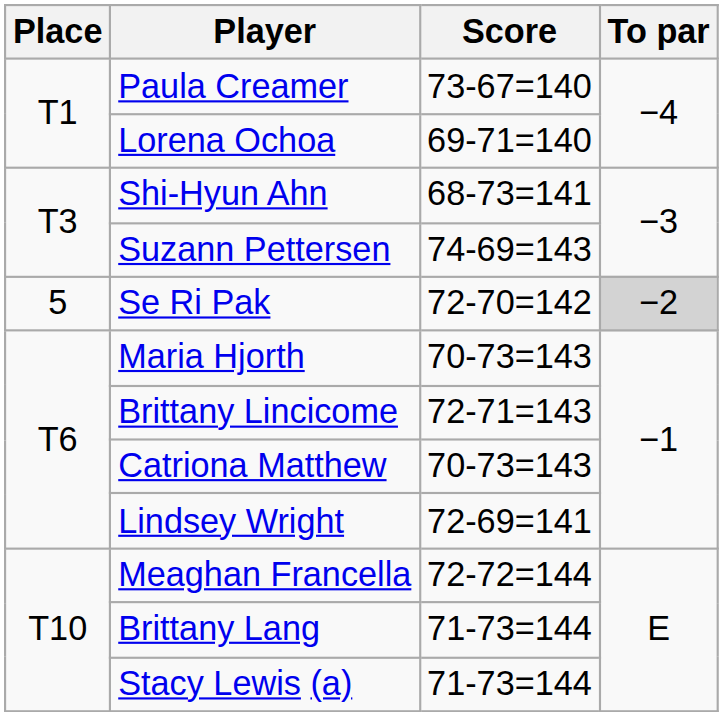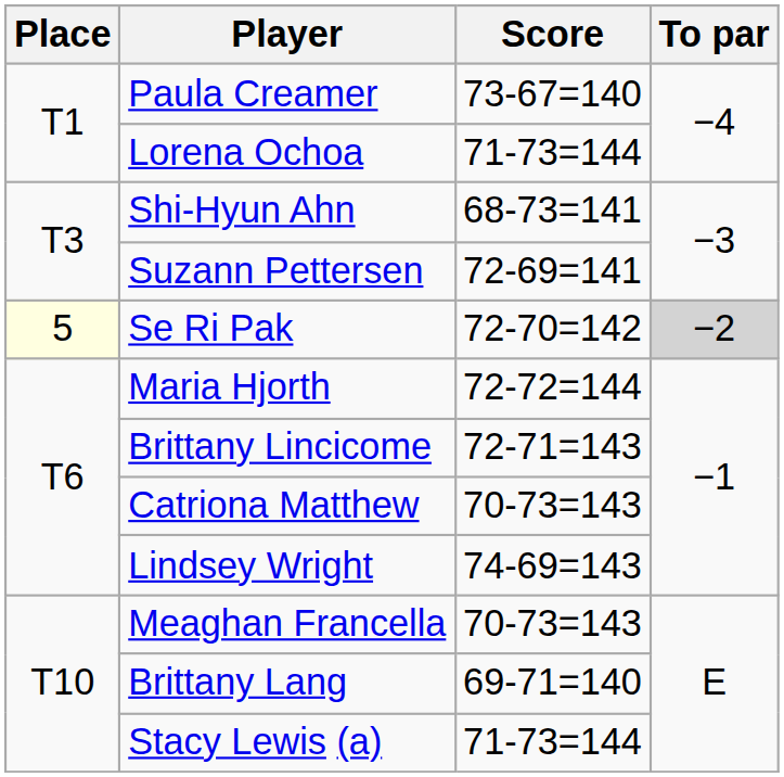 <table class="wikitable">
 <tr>
 <th>Place</th>
 <th>Player</th>
 <th>Score</th>
 <th>To par</th>
 </tr>
 <tr>
 <td rowspan=2 align=center>T1</td>
 <td> <a href='#'>Paula Creamer</a></td>
 <td>73-67=140</td>
 <td rowspan=2 align=center>−4</td>
 </tr>
 <tr>
 <td> <a href='#'>Lorena Ochoa</a></td>
-<td>69-71=140</td>
+<td>71-73=144</td>
 </tr>
 <tr>
 <td align=center rowspan=2>T3</td>
 <td> <a href='#'>Shi-Hyun Ahn</a></td>
 <td>68-73=141</td>
 <td align=center rowspan=2>−3</td>
 </tr>
 <tr>
 <td> <a href='#'>Suzann Pettersen</a></td>
-<td>74-69=143</td>
+<td>72-69=141</td>
 </tr>
 <tr>
-<td align=center>5</td>
+<td align=center style="background: lightyellow;">5</td>
 <td> <a href='#'>Se Ri Pak</a></td>
 <td>72-70=142</td>
 <td align=center style="background: lightgrey;">−2</td>
 </tr>
 <tr>
 <td rowspan=4 align=center>T6</td>
 <td> <a href='#'>Maria Hjorth</a></td>
-<td>70-73=143</td>
+<td>72-72=144</td>
 <td align=center rowspan=4>−1</td>
 </tr>
 <tr>
 <td> <a href='#'>Brittany Lincicome</a></td>
 <td>72-71=143</td>
 </tr>
 <tr>
 <td> <a href='#'>Catriona Matthew</a></td>
 <td>70-73=143</td>
 </tr>
 <tr>
 <td> <a href='#'>Lindsey Wright</a></td>
-<td>72-69=141</td>
+<td>74-69=143</td>
 </tr>
 <tr>
 <td rowspan=3 align=center>T10</td>
 <td> <a href='#'>Meaghan Francella</a></td>
-<td>72-72=144</td>
+<td>70-73=143</td>
 <td rowspan=3 align=center>E</td>
 </tr>
 <tr>
 <td> <a href='#'>Brittany Lang</a></td>
-<td>71-73=144</td>
+<td>69-71=140</td>
 </tr>
 <tr>
 <td> <a href='#'>Stacy Lewis</a> <a href='#'>(a)</a></td>
 <td>71-73=144</td>
 </tr>
 </table>
